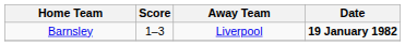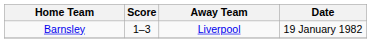 <table class="wikitable" style="text-align:center;">
 <tr>
 <th width=175>Home Team</th>
 <th width=20>Score</th>
 <th width=175>Away Team</th>
 <th width=125>Date</th>
 </tr>
 <tr>
 <td><a href='#'>Barnsley</a></td>
 <td>1–3</td>
 <td><a href='#'>Liverpool</a></td>
-<td><strong>19 January 1982</strong></td>
+<td>19 January 1982</td>
 </tr>
 <tr>
 </tr>
 </table>
